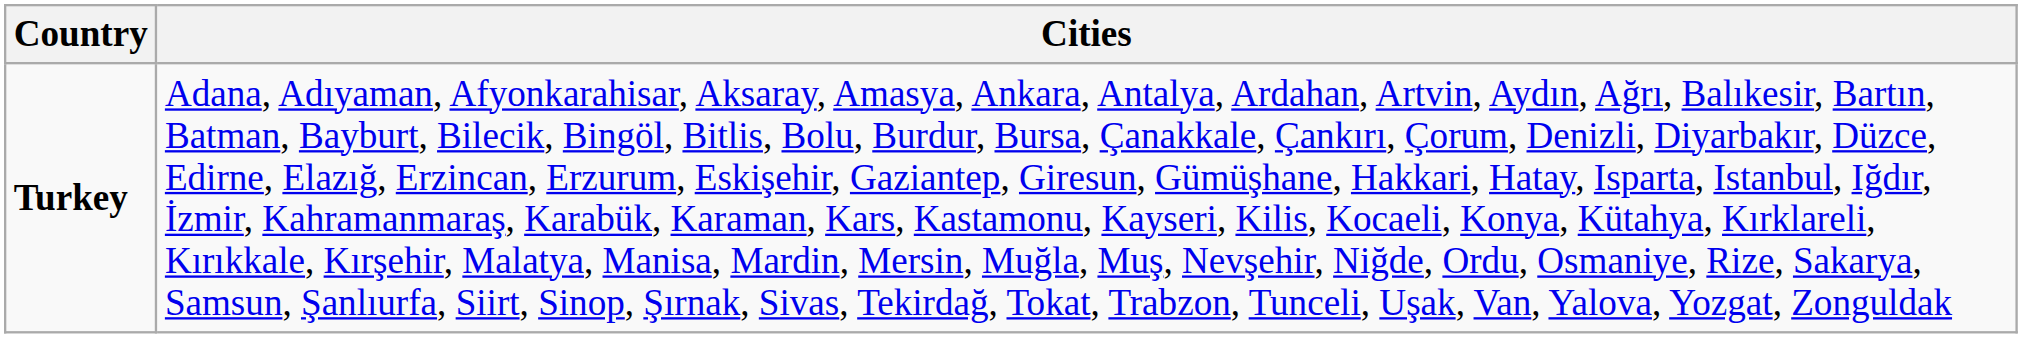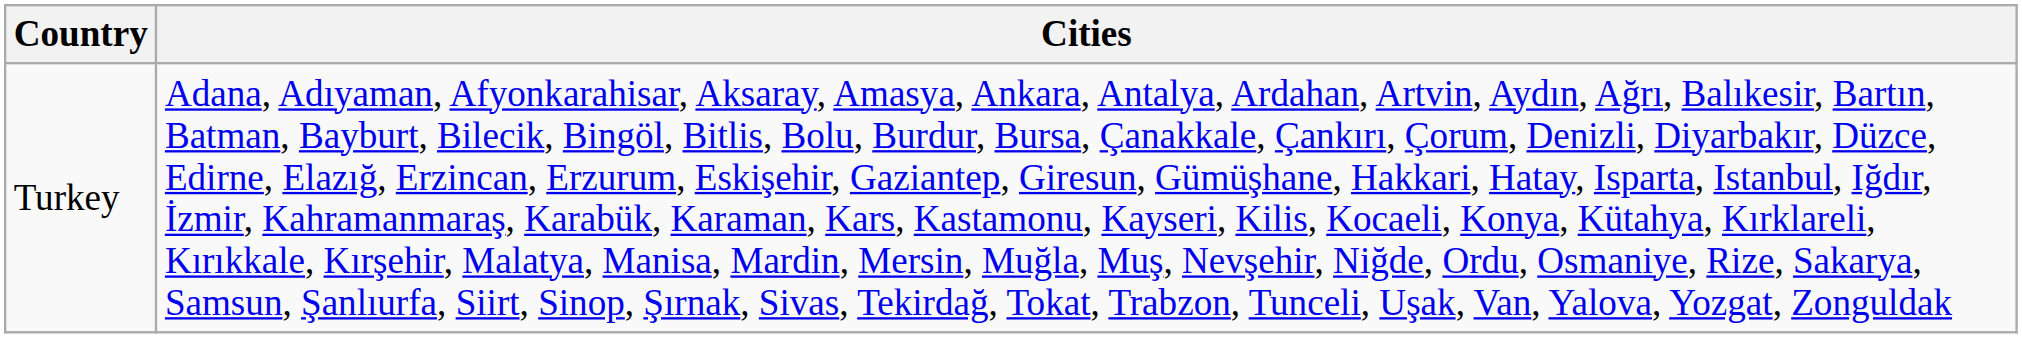 <table class="wikitable" style="; text-align:left;">
 <tr>
 <th>Country</th>
 <th>Cities</th>
 </tr>
 <tr>
-<td><strong>Turkey</strong></td>
+<td>Turkey</td>
 <td><a href='#'>Adana</a>, <a href='#'>Adıyaman</a>, <a href='#'>Afyonkarahisar</a>, <a href='#'>Aksaray</a>, <a href='#'>Amasya</a>, <a href='#'>Ankara</a>, <a href='#'>Antalya</a>, <a href='#'>Ardahan</a>, <a href='#'>Artvin</a>, <a href='#'>Aydın</a>, <a href='#'>Ağrı</a>, <a href='#'>Balıkesir</a>, <a href='#'>Bartın</a>, <a href='#'>Batman</a>, <a href='#'>Bayburt</a>, <a href='#'>Bilecik</a>, <a href='#'>Bingöl</a>, <a href='#'>Bitlis</a>, <a href='#'>Bolu</a>, <a href='#'>Burdur</a>, <a href='#'>Bursa</a>, <a href='#'>Çanakkale</a>, <a href='#'>Çankırı</a>, <a href='#'>Çorum</a>, <a href='#'>Denizli</a>, <a href='#'>Diyarbakır</a>, <a href='#'>Düzce</a>, <a href='#'>Edirne</a>, <a href='#'>Elazığ</a>, <a href='#'>Erzincan</a>, <a href='#'>Erzurum</a>, <a href='#'>Eskişehir</a>, <a href='#'>Gaziantep</a>, <a href='#'>Giresun</a>, <a href='#'>Gümüşhane</a>, <a href='#'>Hakkari</a>, <a href='#'>Hatay</a>, <a href='#'>Isparta</a>, <a href='#'>Istanbul</a>, <a href='#'>Iğdır</a>, <a href='#'>İzmir</a>, <a href='#'>Kahramanmaraş</a>, <a href='#'>Karabük</a>, <a href='#'>Karaman</a>, <a href='#'>Kars</a>, <a href='#'>Kastamonu</a>, <a href='#'>Kayseri</a>, <a href='#'>Kilis</a>, <a href='#'>Kocaeli</a>, <a href='#'>Konya</a>, <a href='#'>Kütahya</a>, <a href='#'>Kırklareli</a>, <a href='#'>Kırıkkale</a>, <a href='#'>Kırşehir</a>, <a href='#'>Malatya</a>, <a href='#'>Manisa</a>, <a href='#'>Mardin</a>, <a href='#'>Mersin</a>, <a href='#'>Muğla</a>, <a href='#'>Muş</a>, <a href='#'>Nevşehir</a>, <a href='#'>Niğde</a>, <a href='#'>Ordu</a>, <a href='#'>Osmaniye</a>, <a href='#'>Rize</a>, <a href='#'>Sakarya</a>, <a href='#'>Samsun</a>, <a href='#'>Şanlıurfa</a>, <a href='#'>Siirt</a>, <a href='#'>Sinop</a>, <a href='#'>Şırnak</a>, <a href='#'>Sivas</a>, <a href='#'>Tekirdağ</a>, <a href='#'>Tokat</a>, <a href='#'>Trabzon</a>, <a href='#'>Tunceli</a>, <a href='#'>Uşak</a>, <a href='#'>Van</a>, <a href='#'>Yalova</a>, <a href='#'>Yozgat</a>, <a href='#'>Zonguldak</a></td>
 </tr>
 </table>
